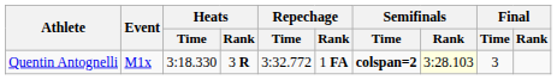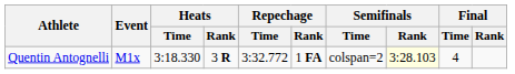 <table class="wikitable" style="font-size:90%">
 <tr>
 <th rowspan="2">Athlete</th>
 <th rowspan="2">Event</th>
 <th colspan="2">Heats</th>
 <th colspan="2">Repechage</th>
 <th colspan="2">Semifinals</th>
 <th colspan="2">Final</th>
 </tr>
 <tr style="font-size:95%">
 <th>Time</th>
 <th>Rank</th>
 <th>Time</th>
 <th>Rank</th>
 <th>Time</th>
 <th>Rank</th>
 <th>Time</th>
 <th>Rank</th>
 </tr>
 <tr align="center">
 <td align="left"><a href='#'>Quentin Antognelli</a></td>
 <td align="left"><a href='#'>M1x</a></td>
 <td>3:18.330</td>
 <td>3 <strong>R</strong></td>
 <td>3:32.772</td>
 <td>1 <strong>FA</strong></td>
-<td><strong>colspan=2 </strong></td>
+<td>colspan=2 </td>
 <td style="background: lightyellow;">3:28.103</td>
-<td>3</td>
+<td>4</td>
 </tr>
 </table>
